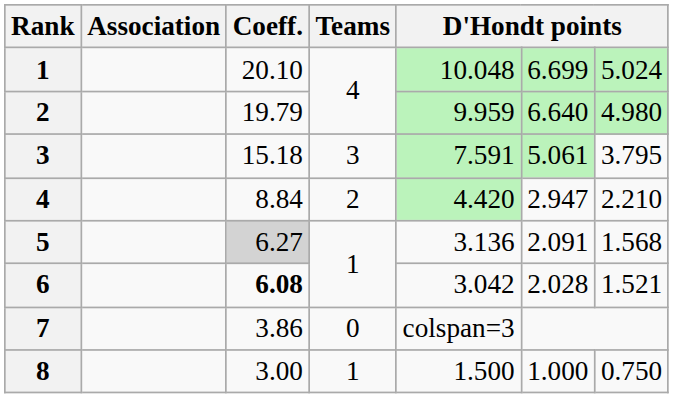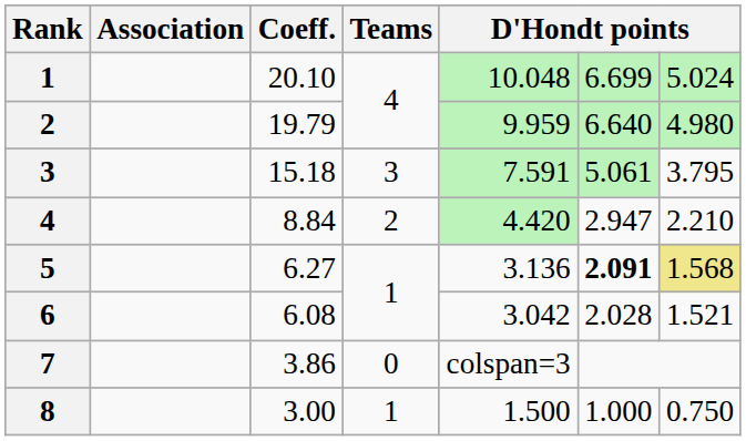 <table class="wikitable">
 <tr>
 <th>Rank</th>
 <th>Association</th>
 <th>Coeff.</th>
 <th>Teams</th>
 <th colspan=4>D'Hondt points</th>
 </tr>
 <tr>
 <th>1</th>
 <td></td>
 <td align=right>20.10</td>
 <td align=center rowspan=2>4</td>
 <td align=right bgcolor=#BBF3BB>10.048</td>
 <td align=right bgcolor=#BBF3BB>6.699</td>
 <td align=right bgcolor=#BBF3BB>5.024</td>
 </tr>
 <tr>
 <th>2</th>
 <td></td>
 <td align=right>19.79</td>
 <td align=right bgcolor=#BBF3BB>9.959</td>
 <td align=right bgcolor=#BBF3BB>6.640</td>
 <td align=right bgcolor=#BBF3BB>4.980</td>
 </tr>
 <tr>
 <th>3</th>
 <td></td>
 <td align=right>15.18</td>
 <td align=center>3</td>
 <td align=right bgcolor=#BBF3BB>7.591</td>
 <td align=right bgcolor=#BBF3BB>5.061</td>
 <td align=right>3.795</td>
 </tr>
 <tr>
 <th>4</th>
 <td></td>
 <td align=right>8.84</td>
 <td align=center>2</td>
 <td align=right bgcolor=#BBF3BB>4.420</td>
 <td align=right>2.947</td>
 <td align=right>2.210</td>
 </tr>
 <tr>
 <th>5</th>
 <td></td>
-<td align=right style="background: lightgrey;">6.27</td>
+<td align=right>6.27</td>
 <td align=center rowspan=2>1</td>
 <td align=right>3.136</td>
-<td align=right>2.091</td>
-<td align=right>1.568</td>
+<td align=right><strong>2.091</strong></td>
+<td align=right style="background: khaki;">1.568</td>
 </tr>
 <tr>
 <th>6</th>
 <td></td>
-<td align=right><strong>6.08</strong></td>
+<td align=right>6.08</td>
 <td align=right>3.042</td>
 <td align=right>2.028</td>
 <td align=right>1.521</td>
 </tr>
 <tr>
 <th>7</th>
 <td></td>
 <td align=right>3.86</td>
 <td align=center>0</td>
 <td>colspan=3 </td>
 </tr>
 <tr>
 <th>8</th>
 <td></td>
 <td align=right>3.00</td>
 <td align=center>1</td>
 <td align=right>1.500</td>
 <td align=right>1.000</td>
 <td align=right>0.750</td>
 </tr>
 </table>
